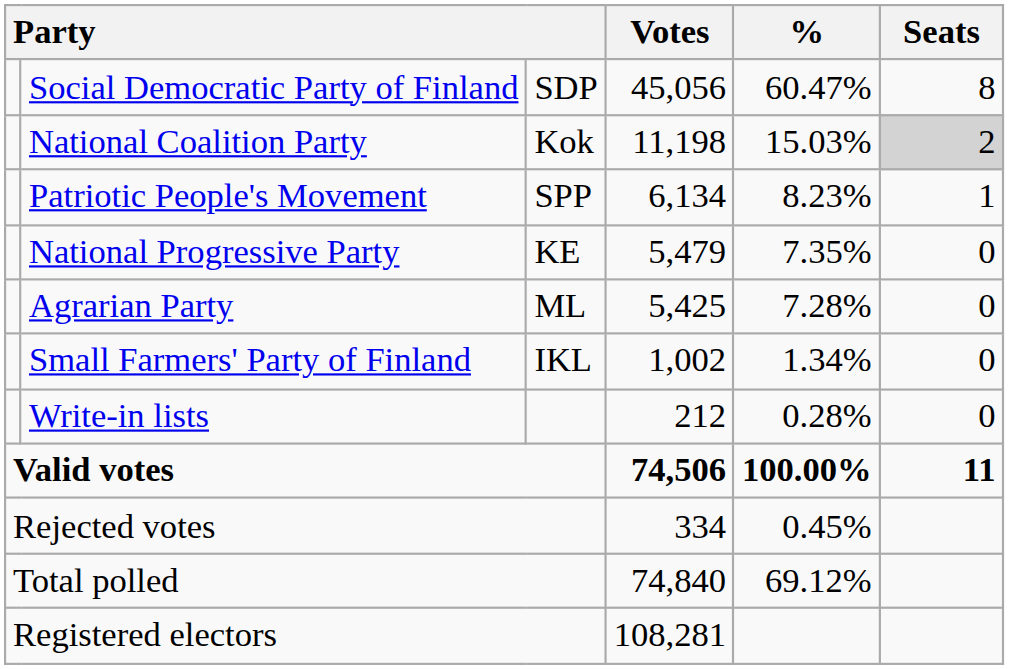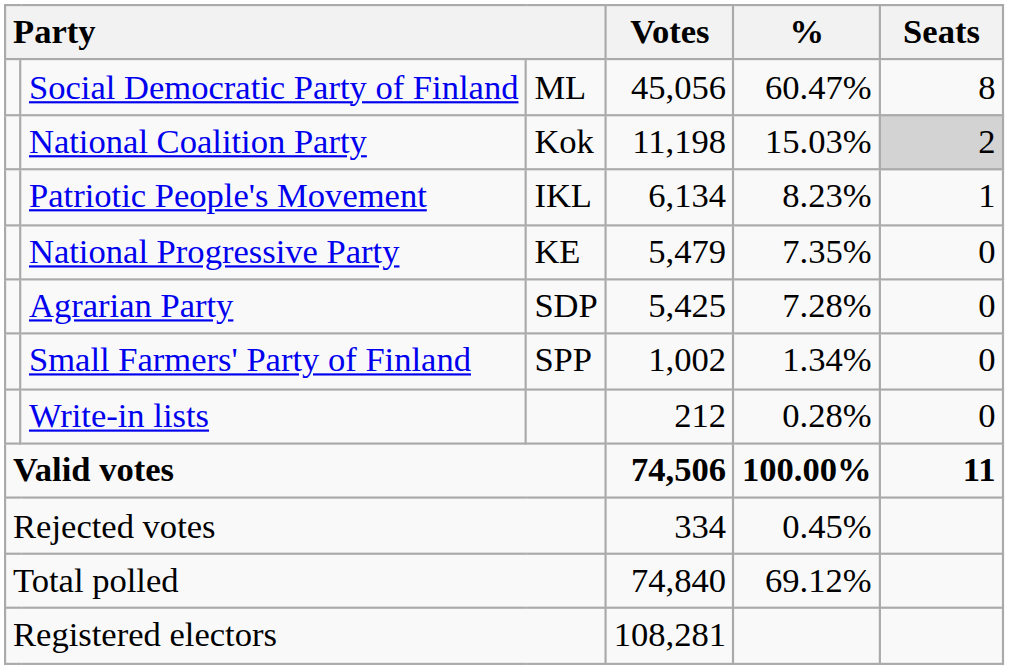 <table class="wikitable" border="1" style="text-align:right;">
 <tr>
 <th style="text-align:left;" colspan=3>Party</th>
 <th align=center width="50">Votes</th>
 <th align=center width="50">%</th>
 <th align=center width="50">Seats</th>
 </tr>
 <tr>
 <td></td>
 <td align=left style="white-space: nowrap;"><a href='#'>Social Democratic Party of Finland</a></td>
-<td align=left>SDP</td>
+<td align=left>ML</td>
 <td>45,056</td>
 <td>60.47%</td>
 <td>8</td>
 </tr>
 <tr>
 <td></td>
 <td align=left><a href='#'>National Coalition Party</a></td>
 <td align=left>Kok</td>
 <td>11,198</td>
 <td>15.03%</td>
 <td style="background: lightgrey;">2</td>
 </tr>
 <tr>
 <td></td>
 <td align=left><a href='#'>Patriotic People's Movement</a></td>
-<td align=left>SPP</td>
+<td align=left>IKL</td>
 <td>6,134</td>
 <td>8.23%</td>
 <td>1</td>
 </tr>
 <tr>
 <td></td>
 <td align=left><a href='#'>National Progressive Party</a></td>
 <td align=left>KE</td>
 <td>5,479</td>
 <td>7.35%</td>
 <td>0</td>
 </tr>
 <tr>
 <td></td>
 <td align=left><a href='#'>Agrarian Party</a></td>
-<td align=left>ML</td>
+<td align=left>SDP</td>
 <td>5,425</td>
 <td>7.28%</td>
 <td>0</td>
 </tr>
 <tr>
 <td></td>
 <td align=left><a href='#'>Small Farmers' Party of Finland</a></td>
-<td align=left>IKL</td>
+<td align=left>SPP</td>
 <td>1,002</td>
 <td>1.34%</td>
 <td>0</td>
 </tr>
 <tr>
 <td></td>
 <td align=left><a href='#'>Write-in lists</a></td>
 <td align=left></td>
 <td>212</td>
 <td>0.28%</td>
 <td>0</td>
 </tr>
 <tr style="font-weight:bold">
 <td align=left colspan=3>Valid votes</td>
 <td>74,506</td>
 <td>100.00%</td>
 <td>11</td>
 </tr>
 <tr>
 <td align=left colspan=3>Rejected votes</td>
 <td>334</td>
 <td>0.45%</td>
 <td></td>
 </tr>
 <tr>
 <td align=left colspan=3>Total polled</td>
 <td>74,840</td>
 <td>69.12%</td>
 <td></td>
 </tr>
 <tr>
 <td align=left colspan=3>Registered electors</td>
 <td>108,281</td>
 <td></td>
 <td></td>
 </tr>
 </table>
